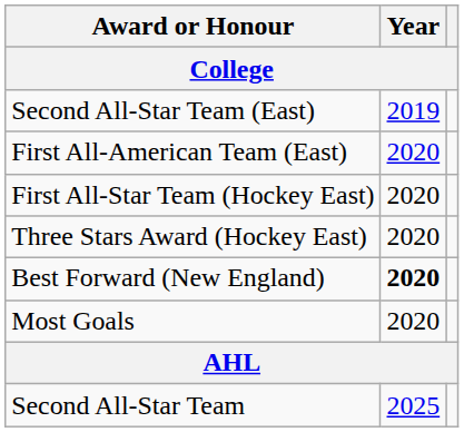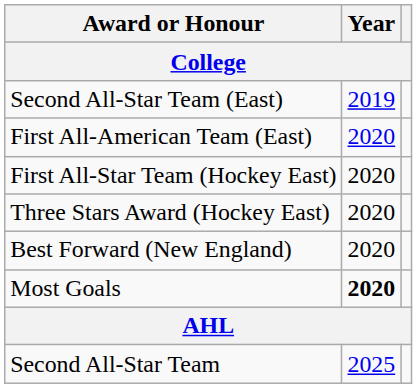 <table class="wikitable">
 <tr>
 <th>Award or Honour</th>
 <th>Year</th>
 <th></th>
 </tr>
 <tr>
 <th colspan="3"><a href='#'>College</a></th>
 </tr>
 <tr>
 <td>Second All-Star Team (East)</td>
 <td><a href='#'>2019</a></td>
 <td></td>
 </tr>
 <tr>
 <td>First All-American Team (East)</td>
 <td><a href='#'>2020</a></td>
 <td></td>
 </tr>
 <tr>
 <td>First All-Star Team (Hockey East)</td>
 <td>2020</td>
 <td></td>
 </tr>
 <tr>
 <td>Three Stars Award (Hockey East)</td>
 <td>2020</td>
 <td></td>
 </tr>
 <tr>
 <td>Best Forward (New England)</td>
-<td><strong>2020</strong></td>
+<td>2020</td>
 <td></td>
 </tr>
 <tr>
 <td>Most Goals</td>
-<td>2020</td>
+<td><strong>2020</strong></td>
 <td></td>
 </tr>
 <tr>
 <th colspan="3"><a href='#'>AHL</a></th>
 </tr>
 <tr>
 <td>Second All-Star Team</td>
 <td><a href='#'>2025</a></td>
 <td></td>
 </tr>
 </table>
